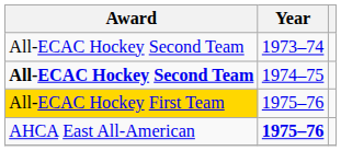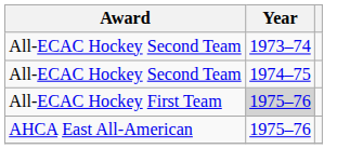 <table class="wikitable">
 <tr>
 <th>Award</th>
 <th>Year</th>
 <th></th>
 </tr>
 <tr>
 <td>All-<a href='#'>ECAC Hockey</a> <a href='#'>Second Team</a></td>
 <td><a href='#'>1973–74</a></td>
 <td></td>
 </tr>
 <tr>
-<td><strong>All-<a href='#'>ECAC Hockey</a> <a href='#'>Second Team</a></strong></td>
+<td>All-<a href='#'>ECAC Hockey</a> <a href='#'>Second Team</a></td>
 <td><a href='#'>1974–75</a></td>
 <td></td>
 </tr>
 <tr>
-<td style="background: gold;">All-<a href='#'>ECAC Hockey</a> <a href='#'>First Team</a></td>
-<td><a href='#'>1975–76</a></td>
+<td>All-<a href='#'>ECAC Hockey</a> <a href='#'>First Team</a></td>
+<td style="background: lightgrey;"><a href='#'>1975–76</a></td>
 <td></td>
 </tr>
 <tr>
 <td><a href='#'>AHCA</a> <a href='#'>East All-American</a></td>
-<td><strong><a href='#'>1975–76</a></strong></td>
+<td><a href='#'>1975–76</a></td>
 <td></td>
 </tr>
 <tr>
 </tr>
 </table>
